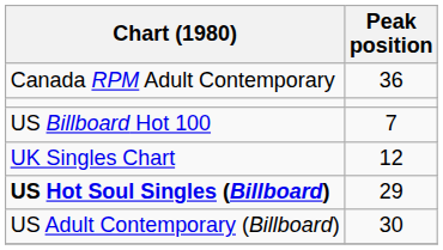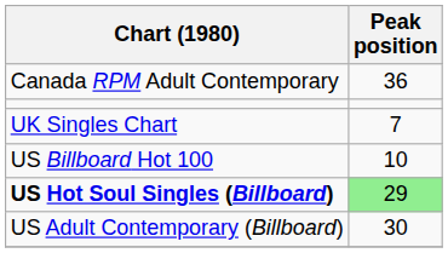 <table class ="wikitable sortable">
 <tr>
 <th>Chart (1980)</th>
 <th>Peak<br>position</th>
 </tr>
 <tr>
 <td>Canada <em><a href='#'>RPM</a></em> Adult Contemporary</td>
 <td style="text-align:center;">36</td>
 </tr>
 <tr>
 <td></td>
 </tr>
 <tr>
-<td>US <a href='#'><em>Billboard</em> Hot 100</a></td>
+<td><a href='#'>UK Singles Chart</a></td>
 <td align= "center">7</td>
 </tr>
 <tr>
-<td><a href='#'>UK Singles Chart</a></td>
-<td align= "center">12</td>
+<td>US <a href='#'><em>Billboard</em> Hot 100</a></td>
+<td align= "center">10</td>
 </tr>
 <tr>
 <td><strong>US <a href='#'>Hot Soul Singles</a> (<em><a href='#'>Billboard</a></em>)</strong></td>
-<td align = "center">29</td>
+<td align = "center" style="background: lightgreen;">29</td>
 </tr>
 <tr>
 <td>US <a href='#'>Adult Contemporary</a> (<em>Billboard</em>)</td>
 <td align="center">30</td>
 </tr>
 <tr>
 </tr>
 </table>
